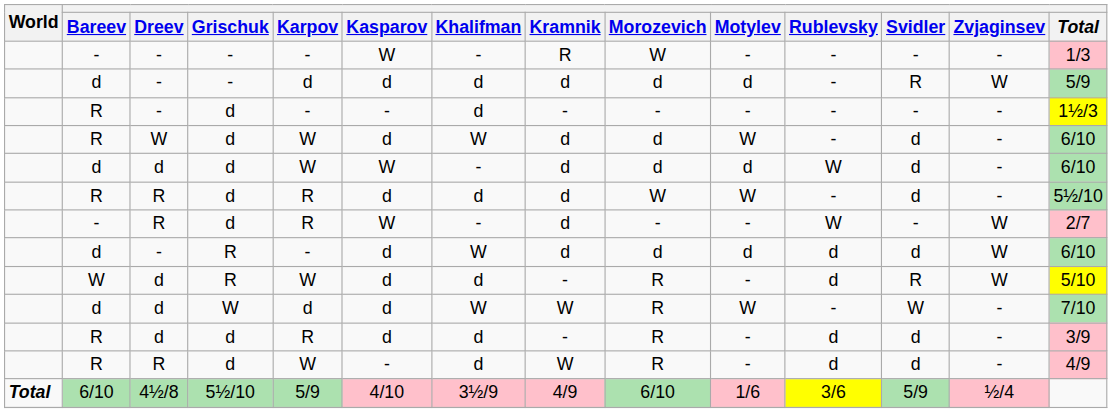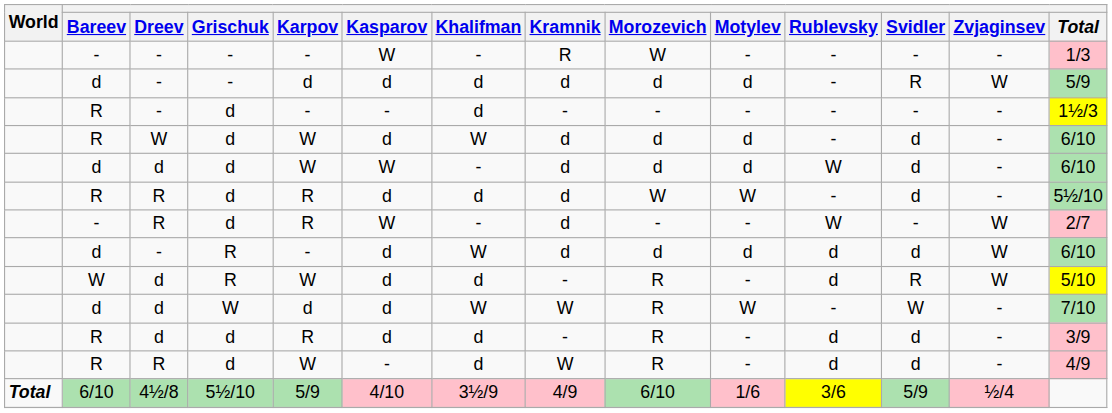 <table class="wikitable" style="text-align:center;">
 <tr>
 <th colspan=W rowspan=2>World</th>
 <th colspan=13></th>
 </tr>
 <tr>
 <th><a href='#'>Bareev</a></th>
 <th><a href='#'>Dreev</a></th>
 <th><a href='#'>Grischuk</a></th>
 <th><a href='#'>Karpov</a></th>
 <th><a href='#'>Kasparov</a></th>
 <th><a href='#'>Khalifman</a></th>
 <th><a href='#'>Kramnik</a></th>
 <th><a href='#'>Morozevich</a></th>
 <th><a href='#'>Motylev</a></th>
 <th><a href='#'>Rublevsky</a></th>
 <th><a href='#'>Svidler</a></th>
 <th><a href='#'>Zvjaginsev</a></th>
 <th><em>Total</em></th>
 </tr>
 <tr>
 <td align=left></td>
 <td>-</td>
 <td>-</td>
 <td>-</td>
 <td>-</td>
 <td>W</td>
 <td>-</td>
 <td>R</td>
 <td>W</td>
 <td>-</td>
 <td>-</td>
 <td>-</td>
 <td>-</td>
 <td style="background:#FFC0CB;">1/3</td>
 </tr>
 <tr>
 <td align=left></td>
 <td>d</td>
 <td>-</td>
 <td>-</td>
 <td>d</td>
 <td>d</td>
 <td>d</td>
 <td>d</td>
 <td>d</td>
 <td>d</td>
 <td>-</td>
 <td>R</td>
 <td>W</td>
 <td style="background:#ACE1AF;">5/9</td>
 </tr>
 <tr>
 <td align=left></td>
 <td>R</td>
 <td>-</td>
 <td>d</td>
 <td>-</td>
 <td>-</td>
 <td>d</td>
 <td>-</td>
 <td>-</td>
 <td>-</td>
 <td>-</td>
 <td>-</td>
 <td>-</td>
 <td style="background:yellow">1½/3</td>
 </tr>
 <tr>
 <td align=left></td>
 <td>R</td>
 <td>W</td>
 <td>d</td>
 <td>W</td>
 <td>d</td>
 <td>W</td>
 <td>d</td>
 <td>d</td>
-<td>W</td>
+<td>d</td>
 <td>-</td>
 <td>d</td>
 <td>-</td>
 <td style="background:#ACE1AF;">6/10</td>
 </tr>
 <tr>
 <td align=left></td>
 <td>d</td>
 <td>d</td>
 <td>d</td>
 <td>W</td>
 <td>W</td>
 <td>-</td>
 <td>d</td>
 <td>d</td>
 <td>d</td>
 <td>W</td>
 <td>d</td>
 <td>-</td>
 <td style="background:#ACE1AF;">6/10</td>
 </tr>
 <tr>
 <td align=left></td>
 <td>R</td>
 <td>R</td>
 <td>d</td>
 <td>R</td>
 <td>d</td>
 <td>d</td>
 <td>d</td>
 <td>W</td>
 <td>W</td>
 <td>-</td>
 <td>d</td>
 <td>-</td>
 <td style="background:#ACE1AF;">5½/10</td>
 </tr>
 <tr>
 <td align=left></td>
 <td>-</td>
 <td>R</td>
 <td>d</td>
 <td>R</td>
 <td>W</td>
 <td>-</td>
 <td>d</td>
 <td>-</td>
 <td>-</td>
 <td>W</td>
 <td>-</td>
 <td>W</td>
 <td style="background:#FFC0CB;">2/7</td>
 </tr>
 <tr>
 <td align=left></td>
 <td>d</td>
 <td>-</td>
 <td>R</td>
 <td>-</td>
 <td>d</td>
 <td>W</td>
 <td>d</td>
 <td>d</td>
 <td>d</td>
 <td>d</td>
 <td>d</td>
 <td>W</td>
 <td style="background:#ACE1AF;">6/10</td>
 </tr>
 <tr>
 <td align=left></td>
 <td>W</td>
 <td>d</td>
 <td>R</td>
 <td>W</td>
 <td>d</td>
 <td>d</td>
 <td>-</td>
 <td>R</td>
 <td>-</td>
 <td>d</td>
 <td>R</td>
 <td>W</td>
 <td style="background:yellow">5/10</td>
 </tr>
 <tr>
 <td align=left></td>
 <td>d</td>
 <td>d</td>
 <td>W</td>
 <td>d</td>
 <td>d</td>
 <td>W</td>
 <td>W</td>
 <td>R</td>
 <td>W</td>
 <td>-</td>
 <td>W</td>
 <td>-</td>
 <td style="background:#ACE1AF;">7/10</td>
 </tr>
 <tr>
 <td align=left></td>
 <td>R</td>
 <td>d</td>
 <td>d</td>
 <td>R</td>
 <td>d</td>
 <td>d</td>
 <td>-</td>
 <td>R</td>
 <td>-</td>
 <td>d</td>
 <td>d</td>
 <td>-</td>
 <td style="background:#FFC0CB;">3/9</td>
 </tr>
 <tr>
 <td align=left></td>
 <td>R</td>
 <td>R</td>
 <td>d</td>
 <td>W</td>
 <td>-</td>
 <td>d</td>
 <td>W</td>
 <td>R</td>
 <td>-</td>
 <td>d</td>
 <td>d</td>
 <td>-</td>
 <td style="background:#FFC0CB;">4/9</td>
 </tr>
 <tr>
 <td align=left><strong><em>Total</em></strong></td>
 <td style="background:#ACE1AF;">6/10</td>
 <td style="background:#ACE1AF;">4½/8</td>
 <td style="background:#ACE1AF;">5½/10</td>
 <td style="background:#ACE1AF;">5/9</td>
 <td style="background:#FFC0CB;">4/10</td>
 <td style="background:#FFC0CB;">3½/9</td>
 <td style="background:#FFC0CB;">4/9</td>
 <td style="background:#ACE1AF;">6/10</td>
 <td style="background:#FFC0CB;">1/6</td>
 <td style="background:yellow">3/6</td>
 <td style="background:#ACE1AF;">5/9</td>
 <td style="background:#FFC0CB;">½/4</td>
 </tr>
 <tr>
 </tr>
 </table>
